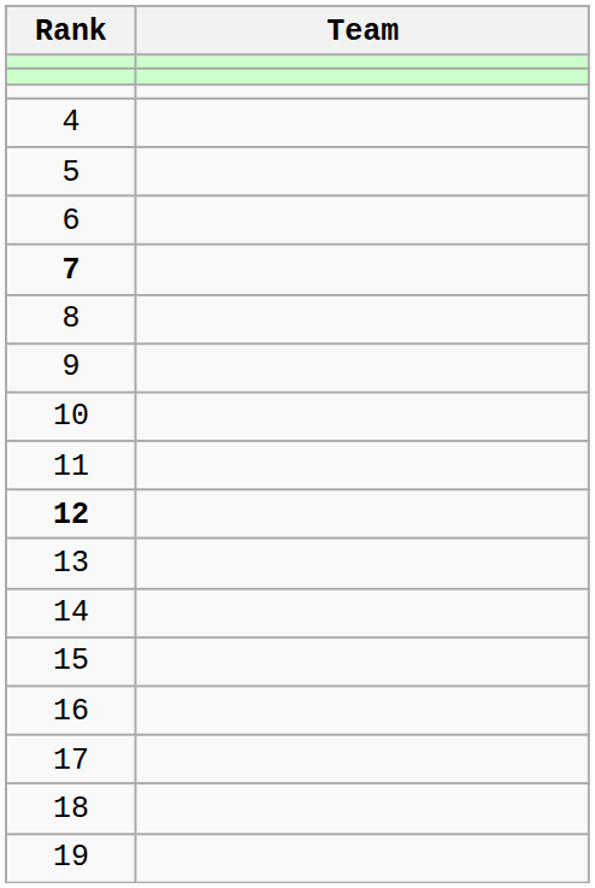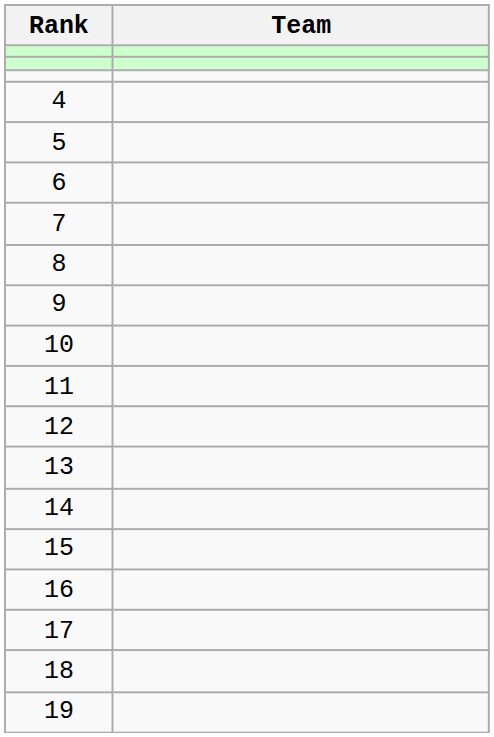 <table class="wikitable" style="text-align: center">
 <tr>
 <th width=50>Rank</th>
 <th width=190>Team</th>
 </tr>
 <tr bgcolor=ccffcc>
 <td></td>
 <td align=left></td>
 </tr>
 <tr bgcolor=ccffcc>
 <td></td>
 <td align=left></td>
 </tr>
 <tr>
 <td></td>
 <td align=left></td>
 </tr>
 <tr>
 <td>4</td>
 <td align=left></td>
 </tr>
 <tr>
 <td>5</td>
 <td align=left></td>
 </tr>
 <tr>
 <td>6</td>
 <td align=left></td>
 </tr>
 <tr>
-<td><strong>7</strong></td>
+<td>7</td>
 <td align=left></td>
 </tr>
 <tr>
 <td>8</td>
 <td align=left></td>
 </tr>
 <tr>
 <td>9</td>
 <td align=left></td>
 </tr>
 <tr>
 <td>10</td>
 <td align=left></td>
 </tr>
 <tr>
 <td>11</td>
 <td align=left></td>
 </tr>
 <tr>
-<td><strong>12</strong></td>
+<td>12</td>
 <td align=left></td>
 </tr>
 <tr>
 <td>13</td>
 <td align=left></td>
 </tr>
 <tr>
 <td>14</td>
 <td align=left></td>
 </tr>
 <tr>
 <td>15</td>
 <td align=left></td>
 </tr>
 <tr>
 <td>16</td>
 <td align=left></td>
 </tr>
 <tr>
 <td>17</td>
 <td align=left></td>
 </tr>
 <tr>
 <td>18</td>
 <td align=left></td>
 </tr>
 <tr>
 <td>19</td>
 <td align=left></td>
 </tr>
 </table>
